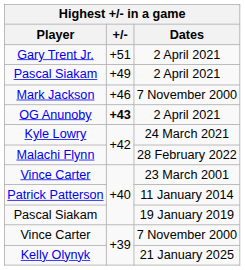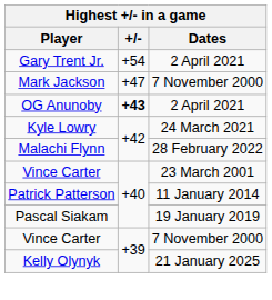 <table class="wikitable" style="text-align:center">
 <tr>
 <th colspan="3">Highest +/- in a game</th>
 </tr>
 <tr>
 <th>Player</th>
 <th>+/-</th>
 <th>Dates</th>
 </tr>
 <tr>
 <td><a href='#'>Gary Trent Jr.</a></td>
-<td>+51</td>
-<td>2 April 2021</td>
-</tr>
-<tr>
-<td><a href='#'>Pascal Siakam</a></td>
-<td>+49</td>
+<td>+54</td>
 <td>2 April 2021</td>
 </tr>
 <tr>
 <td><a href='#'>Mark Jackson</a></td>
-<td>+46</td>
+<td>+47</td>
 <td>7 November 2000</td>
 </tr>
 <tr>
 <td><a href='#'>OG Anunoby</a></td>
 <td><strong>+43</strong></td>
 <td>2 April 2021</td>
 </tr>
 <tr>
 <td><a href='#'>Kyle Lowry</a></td>
 <td rowspan=2>+42</td>
 <td>24 March 2021</td>
 </tr>
 <tr>
 <td><a href='#'>Malachi Flynn</a></td>
 <td>28 February 2022</td>
 </tr>
 <tr>
 <td><a href='#'>Vince Carter</a></td>
 <td rowspan=3>+40</td>
 <td>23 March 2001</td>
 </tr>
 <tr>
 <td><a href='#'>Patrick Patterson</a></td>
 <td>11 January 2014</td>
 </tr>
 <tr>
 <td>Pascal Siakam</td>
 <td>19 January 2019</td>
 </tr>
 <tr>
 <td>Vince Carter</td>
 <td rowspan=2>+39</td>
 <td>7 November 2000</td>
 </tr>
 <tr>
 <td><a href='#'>Kelly Olynyk</a></td>
 <td>21 January 2025</td>
 </tr>
 </table>
